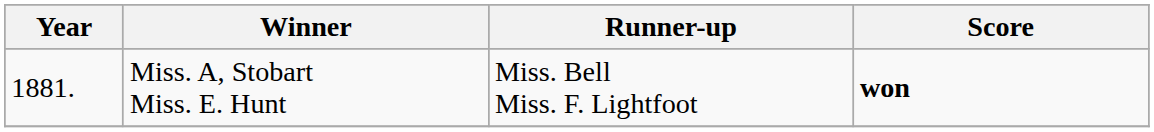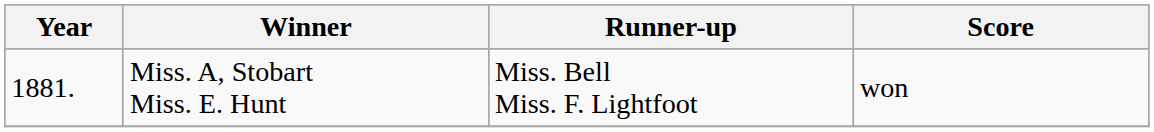 <table class="wikitable">
 <tr>
 <th style="width:60px;">Year</th>
 <th style="width:200px;">Winner</th>
 <th style="width:200px;">Runner-up</th>
 <th style="width:160px;">Score</th>
 </tr>
 <tr>
 <td>1881.</td>
 <td> Miss. A, Stobart<br> Miss. E. Hunt</td>
 <td> Miss. Bell<br>  Miss. F. Lightfoot</td>
-<td><strong>won</strong></td>
+<td>won</td>
 </tr>
 <tr>
 </tr>
 </table>
